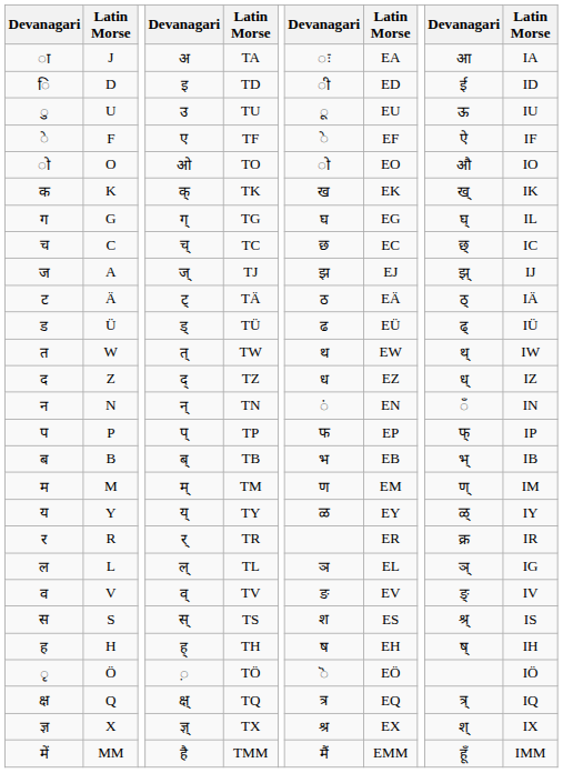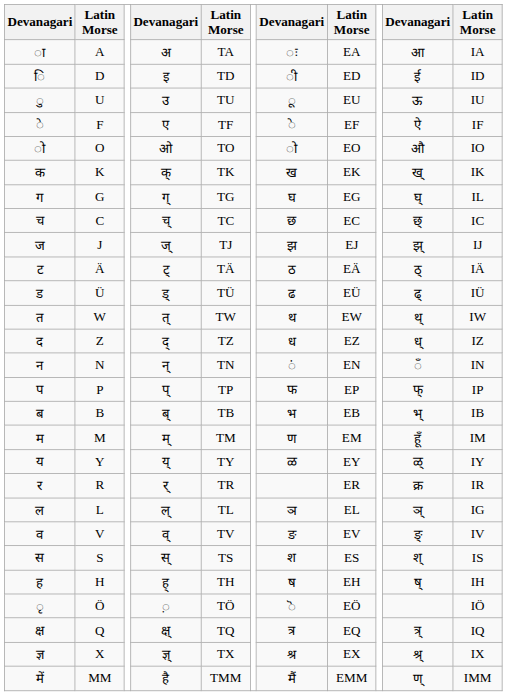 <table class="wikitable" style="text-align:center;">
 <tr>
 <th>Devanagari</th>
 <th>Latin Morse</th>
 <td rowspan=28 style="background:white;"></td>
 <th>Devanagari</th>
 <th>Latin Morse</th>
 <td rowspan=28 style="background:white;"></td>
 <th>Devanagari</th>
 <th>Latin Morse</th>
 <td rowspan=28 style="background:white;"></td>
 <th>Devanagari</th>
 <th>Latin Morse</th>
 </tr>
 <tr>
 <td>ा</td>
-<td>J</td>
+<td>A</td>
 <td>अ</td>
 <td>TA</td>
 <td>ः</td>
 <td>EA</td>
 <td>आ</td>
 <td>IA</td>
 </tr>
 <tr>
 <td>ि</td>
 <td>D</td>
 <td>इ</td>
 <td>TD</td>
 <td>ी</td>
 <td>ED</td>
 <td>ई</td>
 <td>ID</td>
 </tr>
 <tr>
 <td>ु</td>
 <td>U</td>
 <td>उ</td>
 <td>TU</td>
 <td>ू</td>
 <td>EU</td>
 <td>ऊ</td>
 <td>IU</td>
 </tr>
 <tr>
 <td>े</td>
 <td>F</td>
 <td>ए</td>
 <td>TF</td>
 <td>े</td>
 <td>EF</td>
 <td>ऐ</td>
 <td>IF</td>
 </tr>
 <tr>
 <td>ो</td>
 <td>O</td>
 <td>ओ</td>
 <td>TO</td>
 <td>ो</td>
 <td>EO</td>
 <td>औ</td>
 <td>IO</td>
 </tr>
 <tr>
 <td>क</td>
 <td>K</td>
 <td>क्</td>
 <td>TK</td>
 <td>ख</td>
 <td>EK</td>
 <td>ख्</td>
 <td>IK</td>
 </tr>
 <tr>
 <td>ग</td>
 <td>G</td>
 <td>ग्</td>
 <td>TG</td>
 <td>घ</td>
 <td>EG</td>
 <td>घ्</td>
 <td>IL</td>
 </tr>
 <tr>
 <td>च</td>
 <td>C</td>
 <td>च्</td>
 <td>TC</td>
 <td>छ</td>
 <td>EC</td>
 <td>छ्</td>
 <td>IC</td>
 </tr>
 <tr>
 <td>ज</td>
-<td>A</td>
+<td>J</td>
 <td>ज्</td>
 <td>TJ</td>
 <td>झ</td>
 <td>EJ</td>
 <td>झ्</td>
 <td>IJ</td>
 </tr>
 <tr>
 <td>ट</td>
 <td>Ä</td>
 <td>ट्</td>
 <td>TÄ</td>
 <td>ठ</td>
 <td>EÄ</td>
 <td>ठ्</td>
 <td>IÄ</td>
 </tr>
 <tr>
 <td>ड</td>
 <td>Ü</td>
 <td>ड्</td>
 <td>TÜ</td>
 <td>ढ</td>
 <td>EÜ</td>
 <td>ढ्</td>
 <td>IÜ</td>
 </tr>
 <tr>
 <td>त</td>
 <td>W</td>
 <td>त्</td>
 <td>TW</td>
 <td>थ</td>
 <td>EW</td>
 <td>थ्</td>
 <td>IW</td>
 </tr>
 <tr>
 <td>द</td>
 <td>Z</td>
 <td>द्</td>
 <td>TZ</td>
 <td>ध</td>
 <td>EZ</td>
 <td>ध्</td>
 <td>IZ</td>
 </tr>
 <tr>
 <td>न</td>
 <td>N</td>
 <td>न्</td>
 <td>TN</td>
 <td>ं</td>
 <td>EN</td>
 <td>ँ</td>
 <td>IN</td>
 </tr>
 <tr>
 <td>प</td>
 <td>P</td>
 <td>प्</td>
 <td>TP</td>
 <td>फ</td>
 <td>EP</td>
 <td>फ्</td>
 <td>IP</td>
 </tr>
 <tr>
 <td>ब</td>
 <td>B</td>
 <td>ब्</td>
 <td>TB</td>
 <td>भ</td>
 <td>EB</td>
 <td>भ्</td>
 <td>IB</td>
 </tr>
 <tr>
 <td>म</td>
 <td>M</td>
 <td>म्</td>
 <td>TM</td>
 <td>ण</td>
 <td>EM</td>
-<td>ण्</td>
+<td>हूँ</td>
 <td>IM</td>
 </tr>
 <tr>
 <td>य</td>
 <td>Y</td>
 <td>य्</td>
 <td>TY</td>
 <td>ळ</td>
 <td>EY</td>
 <td>ळ्</td>
 <td>IY</td>
 </tr>
 <tr>
 <td>र</td>
 <td>R</td>
 <td>र्</td>
 <td>TR</td>
 <td></td>
 <td>ER</td>
 <td>क्र</td>
 <td>IR</td>
 </tr>
 <tr>
 <td>ल</td>
 <td>L</td>
 <td>ल्</td>
 <td>TL</td>
 <td>ञ</td>
 <td>EL</td>
 <td>ञ्</td>
 <td>IG</td>
 </tr>
 <tr>
 <td>व</td>
 <td>V</td>
 <td>व्</td>
 <td>TV</td>
 <td>ङ</td>
 <td>EV</td>
 <td>ङ्</td>
 <td>IV</td>
 </tr>
 <tr>
 <td>स</td>
 <td>S</td>
 <td>स्</td>
 <td>TS</td>
 <td>श</td>
 <td>ES</td>
-<td>श्र्</td>
+<td>श्</td>
 <td>IS</td>
 </tr>
 <tr>
 <td>ह</td>
 <td>H</td>
 <td>ह्</td>
 <td>TH</td>
 <td>ष</td>
 <td>EH</td>
 <td>ष्</td>
 <td>IH</td>
 </tr>
 <tr>
 <td>ृ</td>
 <td>Ö</td>
 <td>़</td>
 <td>TÖ</td>
 <td>ॆ</td>
 <td>EÖ</td>
 <td></td>
 <td>IÖ</td>
 </tr>
 <tr>
 <td>क्ष</td>
 <td>Q</td>
 <td>क्ष्</td>
 <td>TQ</td>
 <td>त्र</td>
 <td>EQ</td>
 <td>त्र्</td>
 <td>IQ</td>
 </tr>
 <tr>
 <td>ज्ञ</td>
 <td>X</td>
 <td>ज्ञ्</td>
 <td>TX</td>
 <td>श्र</td>
 <td>EX</td>
-<td>श्</td>
+<td>श्र्</td>
 <td>IX</td>
 </tr>
 <tr>
 <td>में</td>
 <td>MM</td>
 <td>है</td>
 <td>TMM</td>
 <td>मैं</td>
 <td>EMM</td>
-<td>हूँ</td>
+<td>ण्</td>
 <td>IMM</td>
 </tr>
 </table>
